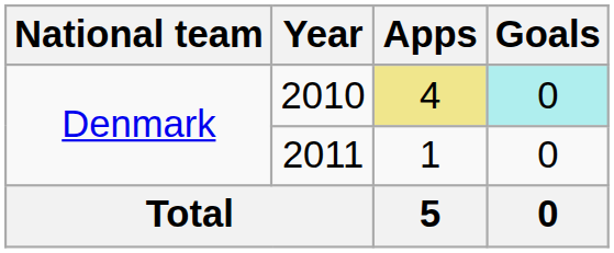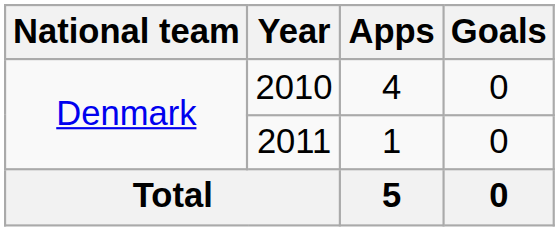 <table class=wikitable style="text-align:center">
 <tr>
 <th>National team</th>
 <th>Year</th>
 <th>Apps</th>
 <th>Goals</th>
 </tr>
 <tr>
 <td rowspan="2"><a href='#'>Denmark</a></td>
 <td>2010</td>
-<td style="background: khaki;">4</td>
-<td style="background: paleturquoise;">0</td>
+<td>4</td>
+<td>0</td>
 </tr>
 <tr>
 <td>2011</td>
 <td>1</td>
 <td>0</td>
 </tr>
 <tr>
 <th colspan="2">Total</th>
 <th>5</th>
 <th>0</th>
 </tr>
 </table>
